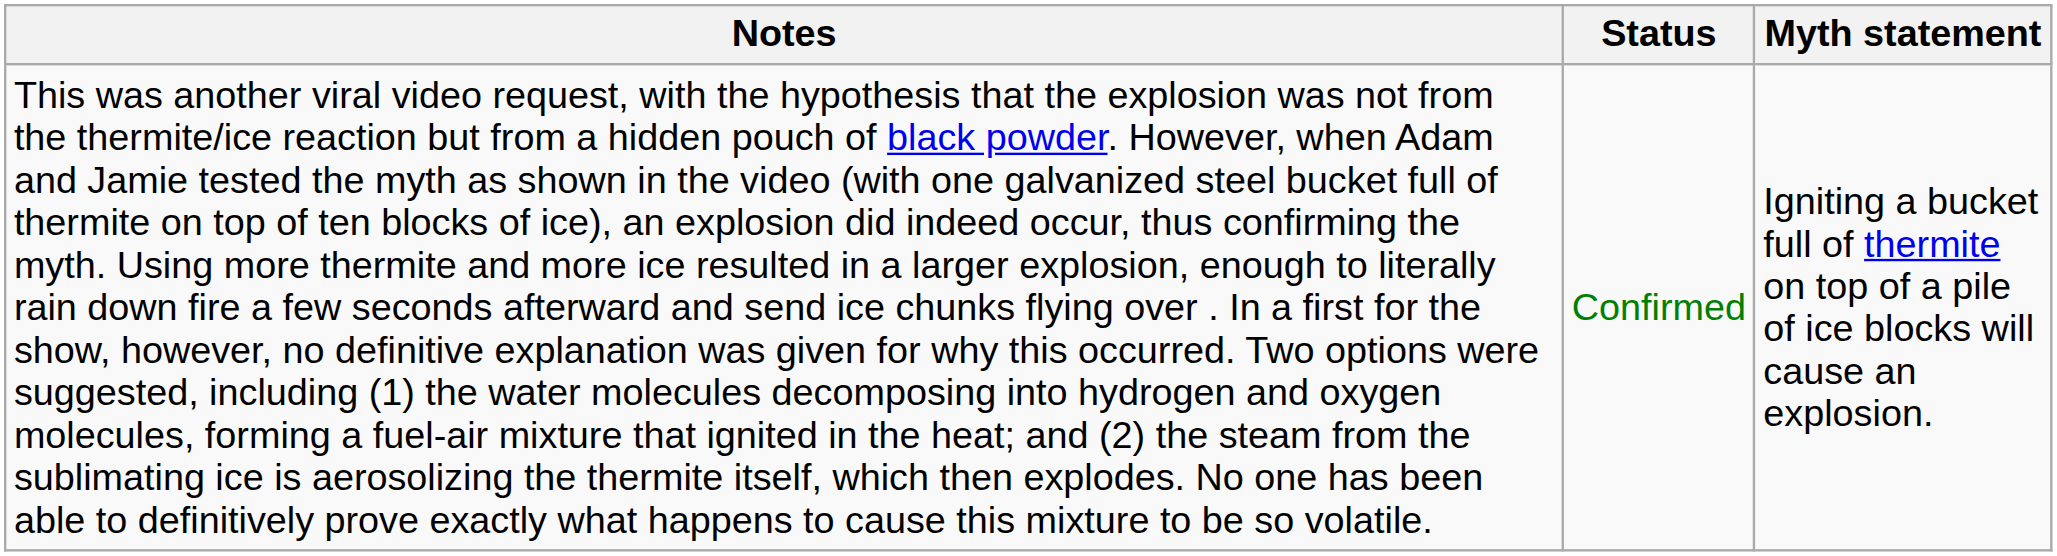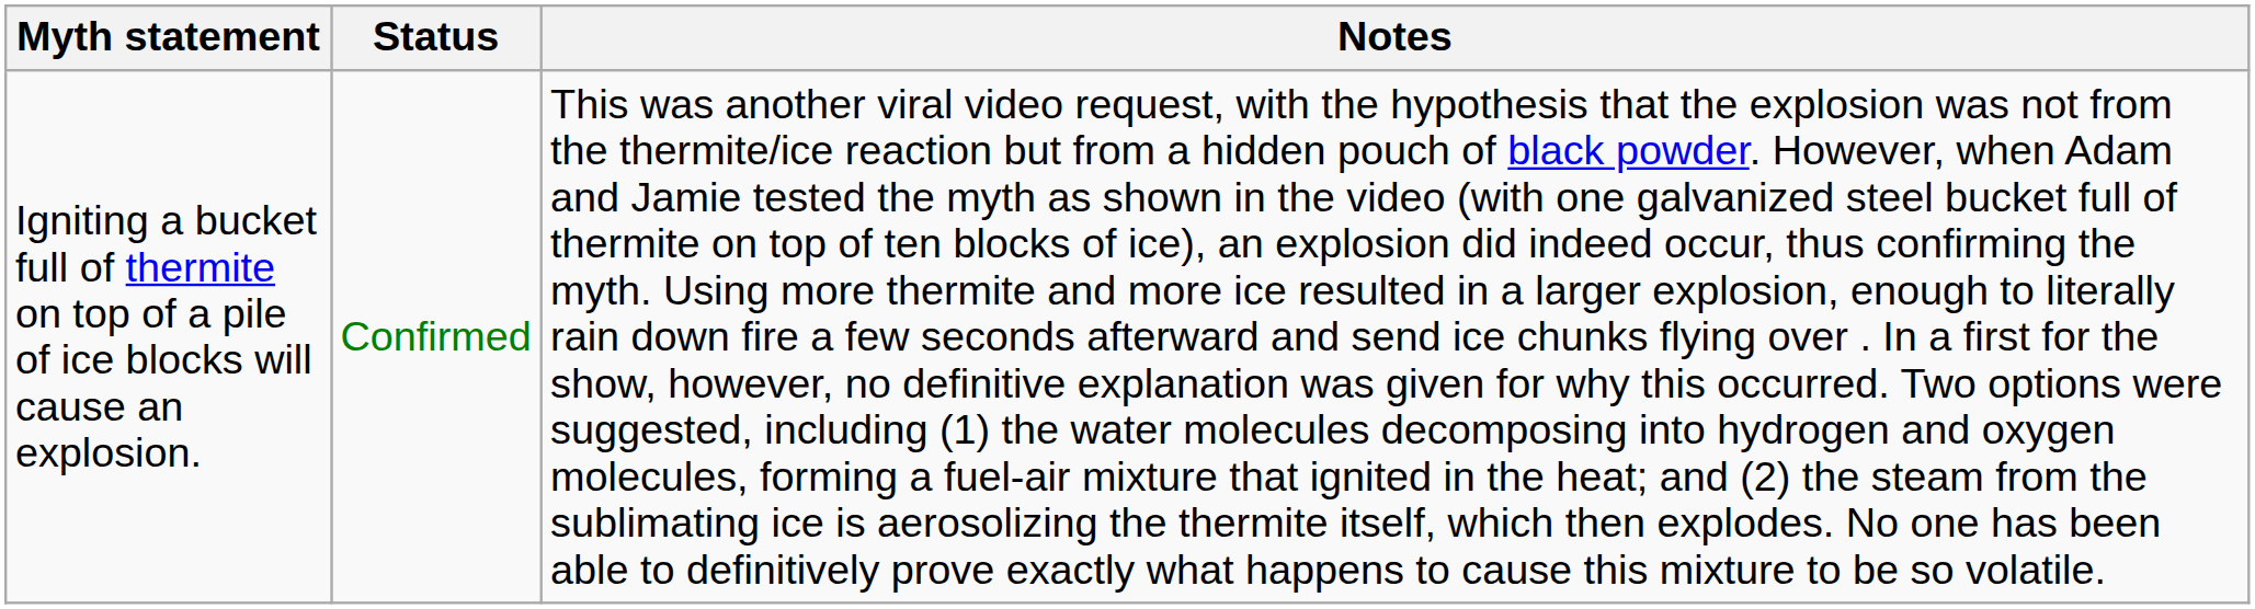 <table class="wikitable plainrowheaders">
 <tr>
+<th>Myth statement</th>
+<th>Status</th>
 <th>Notes</th>
-<th>Status</th>
-<th>Myth statement</th>
 </tr>
 <tr>
+<td>Igniting a bucket full of <a href='#'>thermite</a> on top of a pile of ice blocks will cause an explosion.</td>
+<td style="color:green">Confirmed</td>
 <td>This was another viral video request, with the hypothesis that the explosion was not from the thermite/ice reaction but from a hidden pouch of <a href='#'>black powder</a>. However, when Adam and Jamie tested the myth as shown in the video (with one galvanized steel bucket full of thermite on top of ten  blocks of ice), an explosion did indeed occur, thus confirming the myth. Using more thermite and more ice resulted in a larger explosion, enough to literally rain down fire a few seconds afterward and send ice chunks flying over . In a first for the show, however, no definitive explanation was given for why this occurred. Two options were suggested, including (1) the water molecules decomposing into hydrogen and oxygen molecules, forming a fuel-air mixture that ignited in the heat; and (2) the steam from the sublimating ice is aerosolizing the thermite itself, which then explodes. No one has been able to definitively prove exactly what happens to cause this mixture to be so volatile.</td>
-<td style="color:green">Confirmed</td>
-<td>Igniting a bucket full of <a href='#'>thermite</a> on top of a pile of ice blocks will cause an explosion.</td>
 </tr>
 </table>
